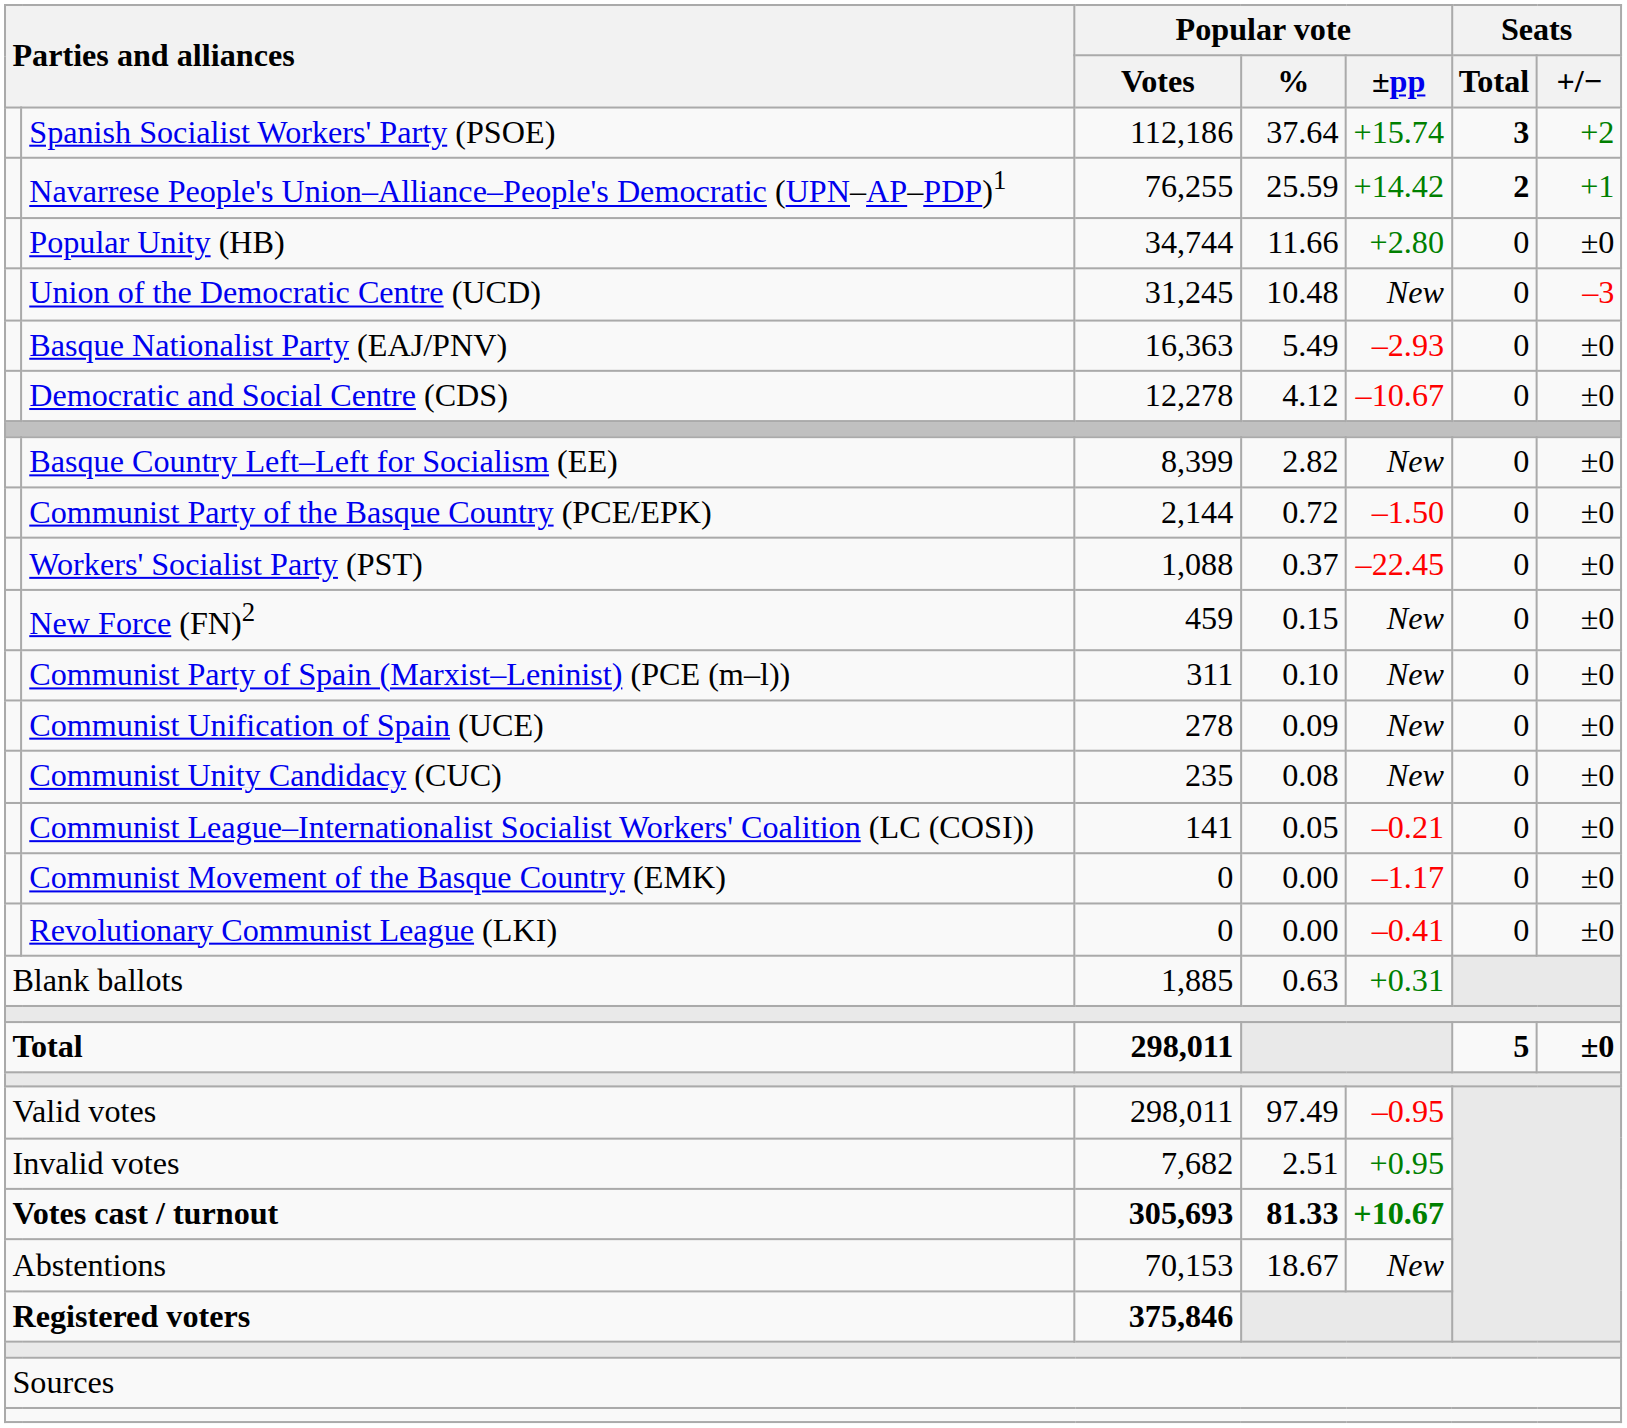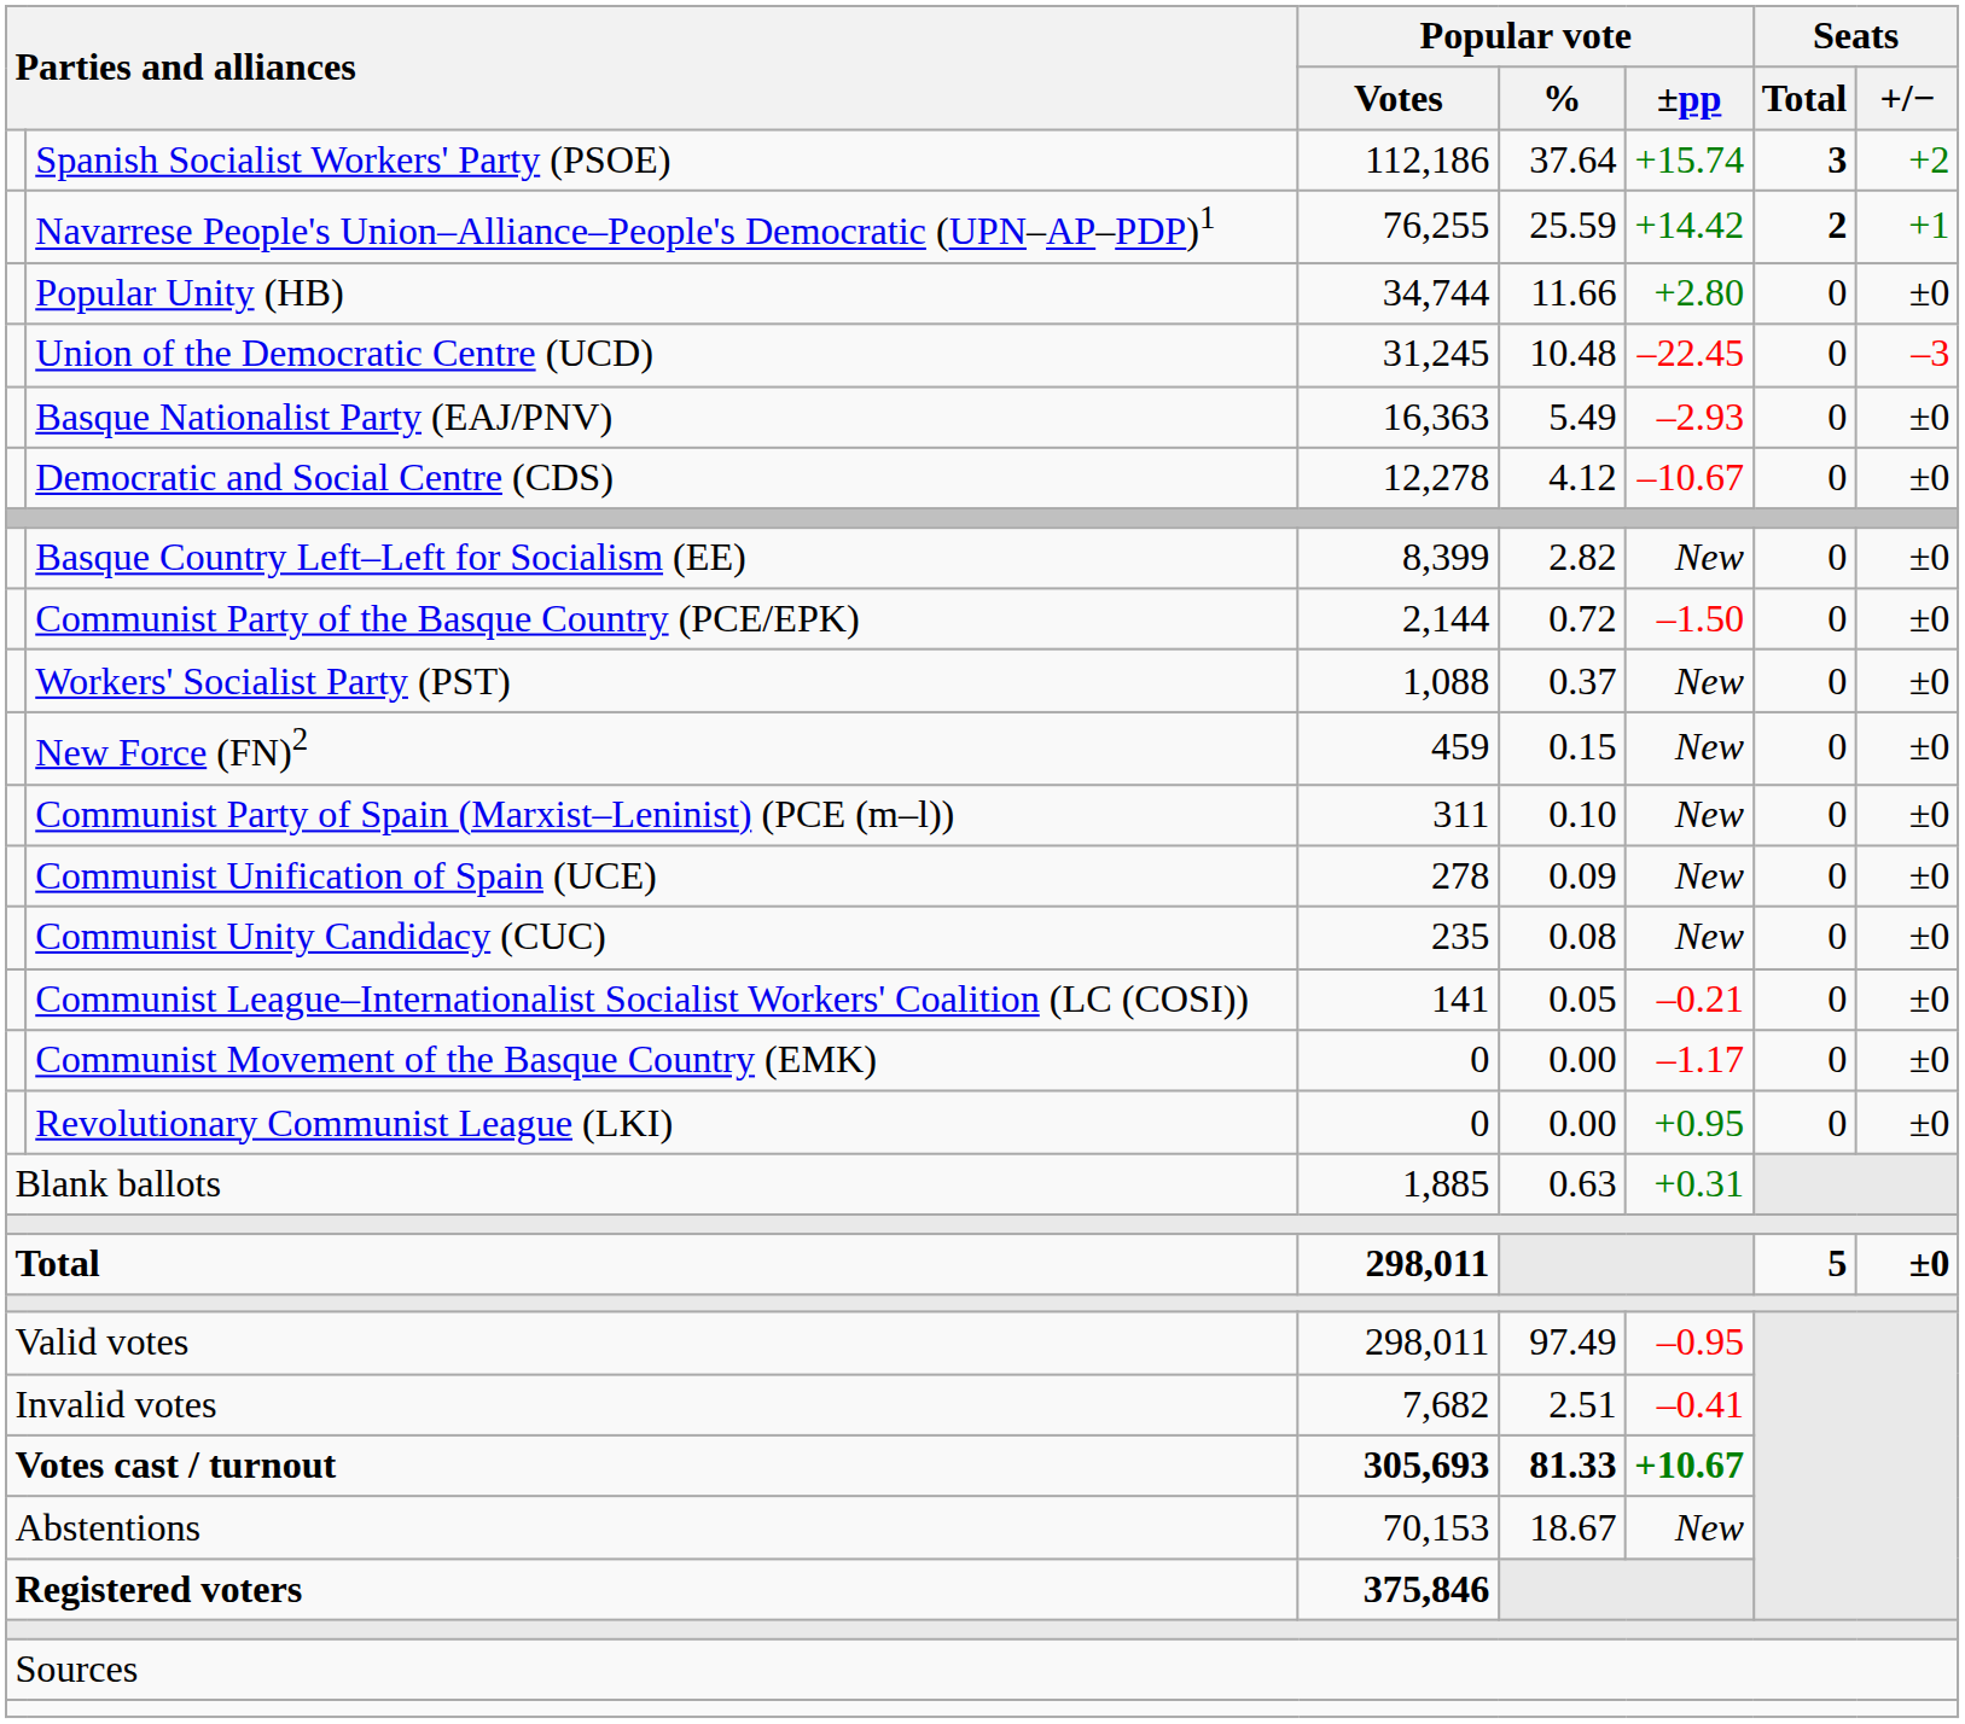 <table class="wikitable" style="text-align:right;">
 <tr>
 <th style="text-align:left;" rowspan="2" colspan="2" width="525">Parties and alliances</th>
 <th colspan="3">Popular vote</th>
 <th colspan="2">Seats</th>
 </tr>
 <tr>
 <th width="75">Votes</th>
 <th width="45">%</th>
 <th width="45">±<a href='#'>pp</a></th>
 <th width="35">Total</th>
 <th width="35">+/−</th>
 </tr>
 <tr>
 <td width="1" style="color:inherit;background:"></td>
 <td align="left"><a href='#'>Spanish Socialist Workers' Party</a> (PSOE)</td>
 <td>112,186</td>
 <td>37.64</td>
 <td style="color:green;">+15.74</td>
 <td><strong>3</strong></td>
 <td style="color:green;">+2</td>
 </tr>
 <tr>
 <td style="color:inherit;background:"></td>
 <td align="left"><a href='#'>Navarrese People's Union–Alliance–People's Democratic</a> (<a href='#'>UPN</a>–<a href='#'>AP</a>–<a href='#'>PDP</a>)<sup>1</sup></td>
 <td>76,255</td>
 <td>25.59</td>
 <td style="color:green;">+14.42</td>
 <td><strong>2</strong></td>
 <td style="color:green;">+1</td>
 </tr>
 <tr>
 <td style="color:inherit;background:"></td>
 <td align="left"><a href='#'>Popular Unity</a> (HB)</td>
 <td>34,744</td>
 <td>11.66</td>
 <td style="color:green;">+2.80</td>
 <td>0</td>
 <td>±0</td>
 </tr>
 <tr>
 <td style="color:inherit;background:"></td>
 <td align="left"><a href='#'>Union of the Democratic Centre</a> (UCD)</td>
 <td>31,245</td>
 <td>10.48</td>
-<td><em>New</em></td>
+<td style="color:red;">–22.45</td>
 <td>0</td>
 <td style="color:red;">–3</td>
 </tr>
 <tr>
 <td style="color:inherit;background:"></td>
 <td align="left"><a href='#'>Basque Nationalist Party</a> (EAJ/PNV)</td>
 <td>16,363</td>
 <td>5.49</td>
 <td style="color:red;">–2.93</td>
 <td>0</td>
 <td>±0</td>
 </tr>
 <tr>
 <td style="color:inherit;background:"></td>
 <td align="left"><a href='#'>Democratic and Social Centre</a> (CDS)</td>
 <td>12,278</td>
 <td>4.12</td>
 <td style="color:red;">–10.67</td>
 <td>0</td>
 <td>±0</td>
 </tr>
 <tr>
 <td colspan="7" bgcolor="#C0C0C0"></td>
 </tr>
 <tr>
 <td style="color:inherit;background:"></td>
 <td align="left"><a href='#'>Basque Country Left–Left for Socialism</a> (EE)</td>
 <td>8,399</td>
 <td>2.82</td>
 <td><em>New</em></td>
 <td>0</td>
 <td>±0</td>
 </tr>
 <tr>
 <td style="color:inherit;background:"></td>
 <td align="left"><a href='#'>Communist Party of the Basque Country</a> (PCE/EPK)</td>
 <td>2,144</td>
 <td>0.72</td>
 <td style="color:red;">–1.50</td>
 <td>0</td>
 <td>±0</td>
 </tr>
 <tr>
 <td style="color:inherit;background:"></td>
 <td align="left"><a href='#'>Workers' Socialist Party</a> (PST)</td>
 <td>1,088</td>
 <td>0.37</td>
-<td style="color:red;">–22.45</td>
+<td><em>New</em></td>
 <td>0</td>
 <td>±0</td>
 </tr>
 <tr>
 <td style="color:inherit;background:"></td>
 <td align="left"><a href='#'>New Force</a> (FN)<sup>2</sup></td>
 <td>459</td>
 <td>0.15</td>
 <td><em>New</em></td>
 <td>0</td>
 <td>±0</td>
 </tr>
 <tr>
 <td style="color:inherit;background:"></td>
 <td align="left"><a href='#'>Communist Party of Spain (Marxist–Leninist)</a> (PCE (m–l))</td>
 <td>311</td>
 <td>0.10</td>
 <td><em>New</em></td>
 <td>0</td>
 <td>±0</td>
 </tr>
 <tr>
 <td style="color:inherit;background:"></td>
 <td align="left"><a href='#'>Communist Unification of Spain</a> (UCE)</td>
 <td>278</td>
 <td>0.09</td>
 <td><em>New</em></td>
 <td>0</td>
 <td>±0</td>
 </tr>
 <tr>
 <td style="color:inherit;background:"></td>
 <td align="left"><a href='#'>Communist Unity Candidacy</a> (CUC)</td>
 <td>235</td>
 <td>0.08</td>
 <td><em>New</em></td>
 <td>0</td>
 <td>±0</td>
 </tr>
 <tr>
 <td style="color:inherit;background:"></td>
 <td align="left"><a href='#'>Communist League–Internationalist Socialist Workers' Coalition</a> (LC (COSI))</td>
 <td>141</td>
 <td>0.05</td>
 <td style="color:red;">–0.21</td>
 <td>0</td>
 <td>±0</td>
 </tr>
 <tr>
 <td style="color:inherit;background:"></td>
 <td align="left"><a href='#'>Communist Movement of the Basque Country</a> (EMK)</td>
 <td>0</td>
 <td>0.00</td>
 <td style="color:red;">–1.17</td>
 <td>0</td>
 <td>±0</td>
 </tr>
 <tr>
 <td style="color:inherit;background:"></td>
 <td align="left"><a href='#'>Revolutionary Communist League</a> (LKI)</td>
 <td>0</td>
 <td>0.00</td>
-<td style="color:red;">–0.41</td>
+<td style="color:green;">+0.95</td>
 <td>0</td>
 <td>±0</td>
 </tr>
 <tr>
 <td align="left" colspan="2">Blank ballots</td>
 <td>1,885</td>
 <td>0.63</td>
 <td style="color:green;">+0.31</td>
 <td bgcolor="#E9E9E9" colspan="2"></td>
 </tr>
 <tr>
 <td colspan="7" bgcolor="#E9E9E9"></td>
 </tr>
 <tr style="font-weight:bold;">
 <td align="left" colspan="2">Total</td>
 <td>298,011</td>
 <td bgcolor="#E9E9E9" colspan="2"></td>
 <td>5</td>
 <td>±0</td>
 </tr>
 <tr>
 <td colspan="7" bgcolor="#E9E9E9"></td>
 </tr>
 <tr>
 <td align="left" colspan="2">Valid votes</td>
 <td>298,011</td>
 <td>97.49</td>
 <td style="color:red;">–0.95</td>
 <td bgcolor="#E9E9E9" colspan="2" rowspan="5"></td>
 </tr>
 <tr>
 <td align="left" colspan="2">Invalid votes</td>
 <td>7,682</td>
 <td>2.51</td>
-<td style="color:green;">+0.95</td>
+<td style="color:red;">–0.41</td>
 </tr>
 <tr style="font-weight:bold;">
 <td align="left" colspan="2">Votes cast / turnout</td>
 <td>305,693</td>
 <td>81.33</td>
 <td style="color:green;">+10.67</td>
 </tr>
 <tr>
 <td align="left" colspan="2">Abstentions</td>
 <td>70,153</td>
 <td>18.67</td>
 <td><em>New</em></td>
 </tr>
 <tr style="font-weight:bold;">
 <td align="left" colspan="2">Registered voters</td>
 <td>375,846</td>
 <td bgcolor="#E9E9E9" colspan="2"></td>
 </tr>
 <tr>
 <td colspan="7" bgcolor="#E9E9E9"></td>
 </tr>
 <tr>
 <td align="left" colspan="7">Sources</td>
 </tr>
 <tr>
 <td colspan="7" style="text-align:left; max-width:790px;"></td>
 </tr>
 </table>
